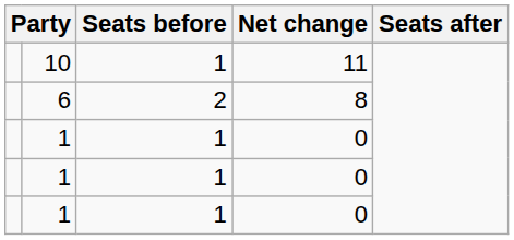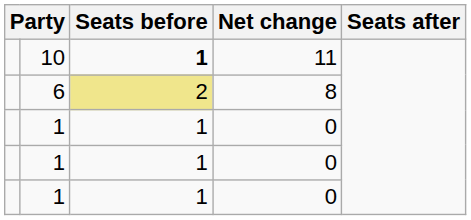 <table class=wikitable style="text-align:right">
 <tr>
 <th colspan="2">Party</th>
 <th>Seats before</th>
 <th>Net change</th>
 <th>Seats after</th>
 </tr>
 <tr>
 <td></td>
 <td>10</td>
-<td> 1</td>
+<td><strong> 1</strong></td>
 <td>11</td>
 </tr>
 <tr>
 <td></td>
 <td>6</td>
-<td> 2</td>
+<td style="background: khaki;"> 2</td>
 <td>8</td>
 </tr>
 <tr>
 <td></td>
 <td>1</td>
 <td> 1</td>
 <td>0</td>
 </tr>
 <tr>
 <td></td>
 <td>1</td>
 <td> 1</td>
 <td>0</td>
 </tr>
 <tr>
 <td></td>
 <td>1</td>
 <td> 1</td>
 <td>0</td>
 </tr>
 </table>
